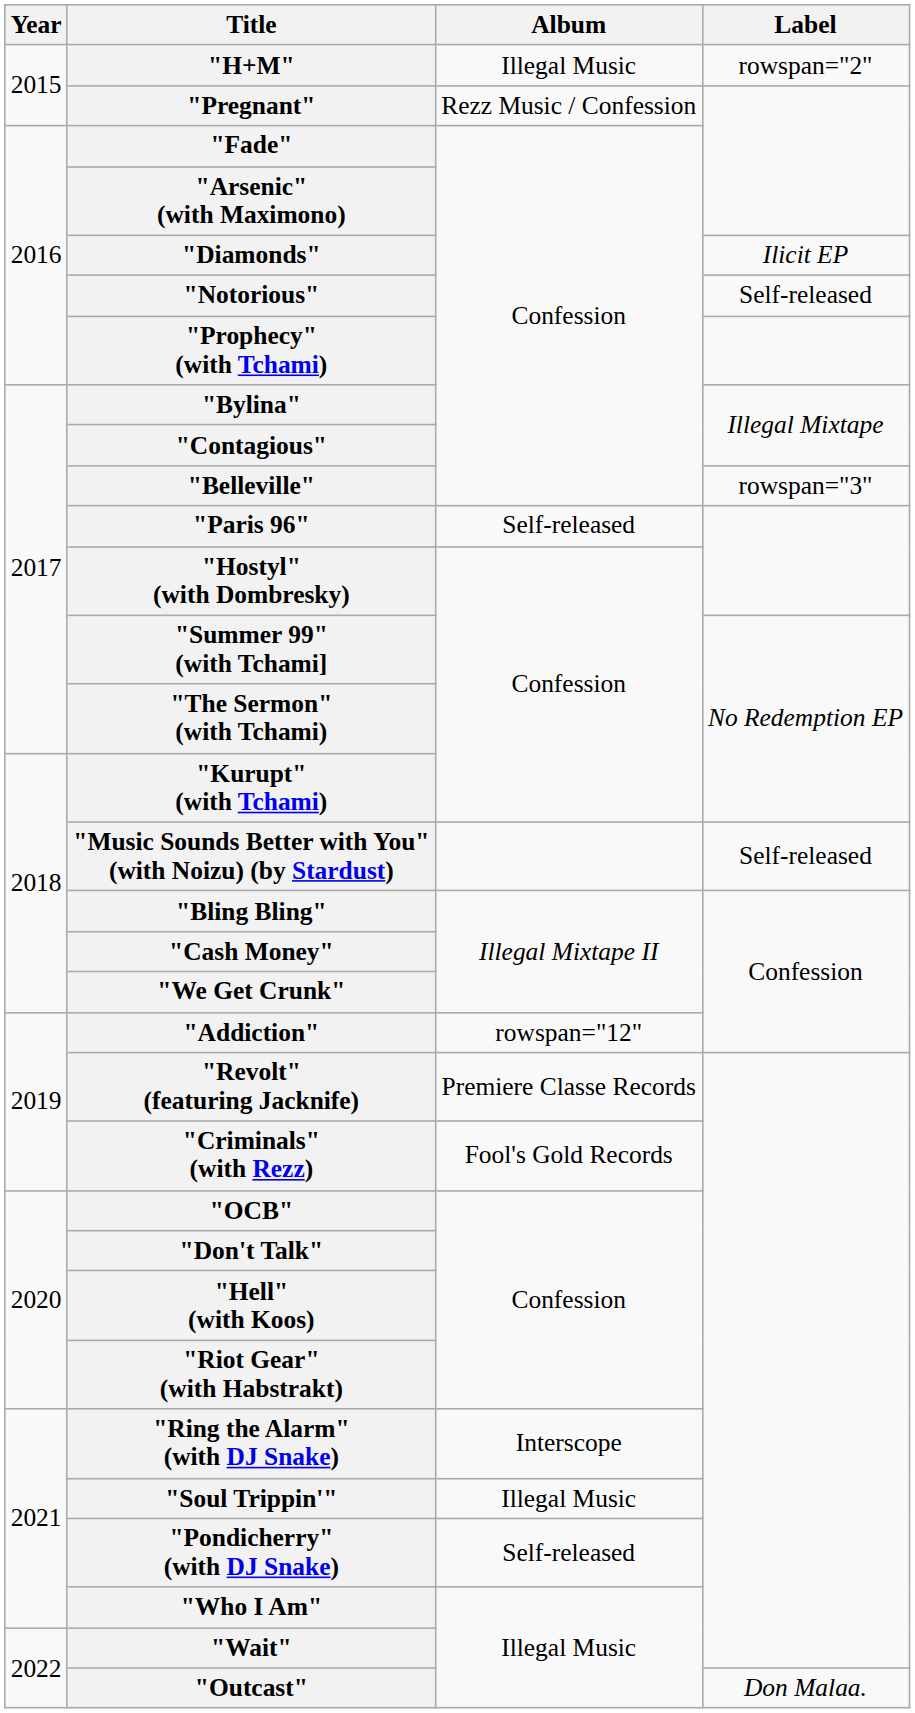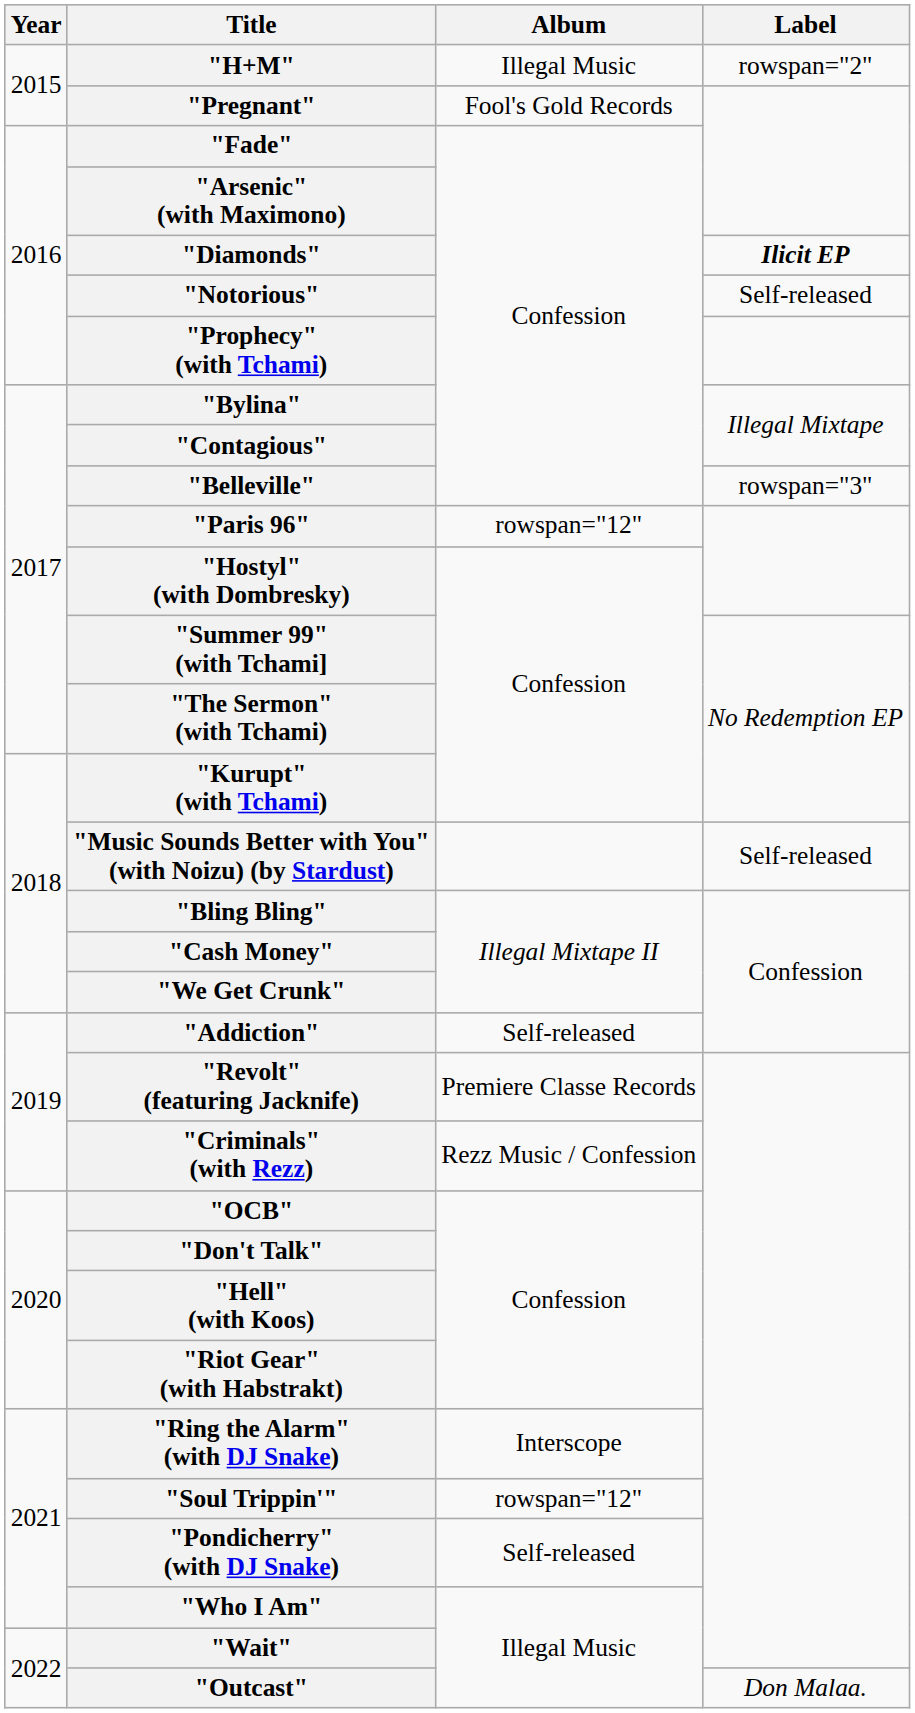 <table class="wikitable plainrowheaders" style="text-align:center;">
 <tr>
 <th scope="col">Year</th>
 <th scope="col">Title</th>
 <th scope="col">Album</th>
 <th scope="col">Label</th>
 </tr>
 <tr>
 <td rowspan="2">2015</td>
 <th scope="row">"H+M"</th>
 <td>Illegal Music</td>
 <td>rowspan="2" </td>
 </tr>
 <tr>
 <th scope="row">"Pregnant"</th>
-<td>Rezz Music / Confession</td>
+<td>Fool's Gold Records</td>
 </tr>
 <tr>
 <td rowspan="5">2016</td>
 <th scope="row">"Fade"</th>
 <td rowspan="8">Confession</td>
 </tr>
 <tr>
 <th scope="row">"Arsenic"<br><span>(with Maximono)</span></th>
 </tr>
 <tr>
 <th scope="row">"Diamonds"</th>
-<td><em>Ilicit EP</em></td>
+<td><strong><em>Ilicit EP</em></strong></td>
 </tr>
 <tr>
 <th scope="row">"Notorious"</th>
 <td>Self-released</td>
 </tr>
 <tr>
 <th scope="row">"Prophecy"<br><span>(with <a href='#'>Tchami</a>)</span></th>
 </tr>
 <tr>
 <td rowspan="7">2017</td>
 <th scope="row">"Bylina"</th>
 <td rowspan="2"><em>Illegal Mixtape</em></td>
 </tr>
 <tr>
 <th scope="row">"Contagious"</th>
 </tr>
 <tr>
 <th scope="row">"Belleville"</th>
 <td>rowspan="3" </td>
 </tr>
 <tr>
 <th scope="row">"Paris 96"</th>
-<td>Self-released</td>
+<td>rowspan="12" </td>
 </tr>
 <tr>
 <th scope="row">"Hostyl"<br><span>(with Dombresky)</span></th>
 <td rowspan="4">Confession</td>
 </tr>
 <tr>
 <th scope="row">"Summer 99"<br><span>(with Tchami]</span></th>
 <td rowspan="3"><em>No Redemption EP</em></td>
 </tr>
 <tr>
 <th scope="row">"The Sermon"<br><span>(with Tchami)</span></th>
 </tr>
 <tr>
 <td rowspan="5">2018</td>
 <th scope="row">"Kurupt"<br><span>(with <a href='#'>Tchami</a>)</span></th>
 </tr>
 <tr>
 <th scope="row">"Music Sounds Better with You" <br><span>(with Noizu)</span> (by <a href='#'>Stardust</a>)</th>
 <td></td>
 <td>Self-released</td>
 </tr>
 <tr>
 <th scope="row">"Bling Bling"</th>
 <td rowspan="3"><em>Illegal Mixtape II</em></td>
 <td rowspan="4">Confession</td>
 </tr>
 <tr>
 <th scope="row">"Cash Money"</th>
 </tr>
 <tr>
 <th scope="row">"We Get Crunk"</th>
 </tr>
 <tr>
 <td rowspan="3">2019</td>
 <th scope="row">"Addiction"</th>
-<td>rowspan="12" </td>
+<td>Self-released</td>
 </tr>
 <tr>
 <th scope="row">"Revolt" <br><span>(featuring Jacknife)</span></th>
 <td>Premiere Classe Records</td>
 </tr>
 <tr>
 <th scope="row">"Criminals" <br><span>(with <a href='#'>Rezz</a>)</span></th>
-<td>Fool's Gold Records</td>
+<td>Rezz Music / Confession</td>
 </tr>
 <tr>
 <td rowspan="4">2020</td>
 <th scope="row">"OCB"</th>
 <td rowspan="4">Confession</td>
 </tr>
 <tr>
 <th scope="row">"Don't Talk"</th>
 </tr>
 <tr>
 <th scope="row">"Hell" <br><span>(with Koos)</span></th>
 </tr>
 <tr>
 <th scope="row">"Riot Gear" <br><span>(with Habstrakt)</span></th>
 </tr>
 <tr>
 <td rowspan="4">2021</td>
 <th scope="row">"Ring the Alarm" <br><span>(with <a href='#'>DJ Snake</a>)</span></th>
 <td>Interscope</td>
 </tr>
 <tr>
 <th scope="row">"Soul Trippin'"</th>
-<td>Illegal Music</td>
+<td>rowspan="12" </td>
 </tr>
 <tr>
 <th scope="row">"Pondicherry" <br><span>(with <a href='#'>DJ Snake</a>)</span></th>
 <td>Self-released</td>
 </tr>
 <tr>
 <th scope="row">"Who I Am"</th>
 <td rowspan="3">Illegal Music</td>
 </tr>
 <tr>
 <td rowspan="2">2022</td>
 <th scope="row">"Wait"</th>
 </tr>
 <tr>
 <th scope="row">"Outcast"<br></th>
 <td><em>Don Malaa.</em></td>
 </tr>
 </table>
